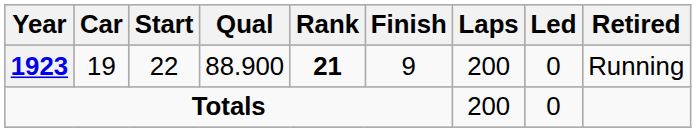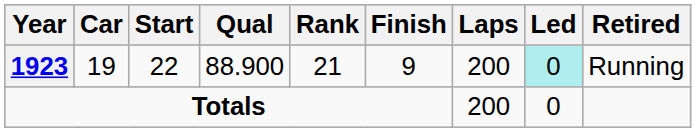 <table class="wikitable" style="text-align:center">
 <tr>
 <th>Year</th>
 <th>Car</th>
 <th>Start</th>
 <th>Qual</th>
 <th>Rank</th>
 <th>Finish</th>
 <th>Laps</th>
 <th>Led</th>
 <th>Retired</th>
 </tr>
 <tr>
 <th><a href='#'>1923</a></th>
 <td>19</td>
 <td>22</td>
 <td>88.900</td>
-<td><strong>21</strong></td>
+<td>21</td>
 <td>9</td>
 <td>200</td>
-<td>0</td>
+<td style="background: paleturquoise;">0</td>
 <td>Running</td>
 </tr>
 <tr>
 <td colspan=6><strong>Totals</strong></td>
 <td>200</td>
 <td>0</td>
 <td></td>
 </tr>
 </table>
